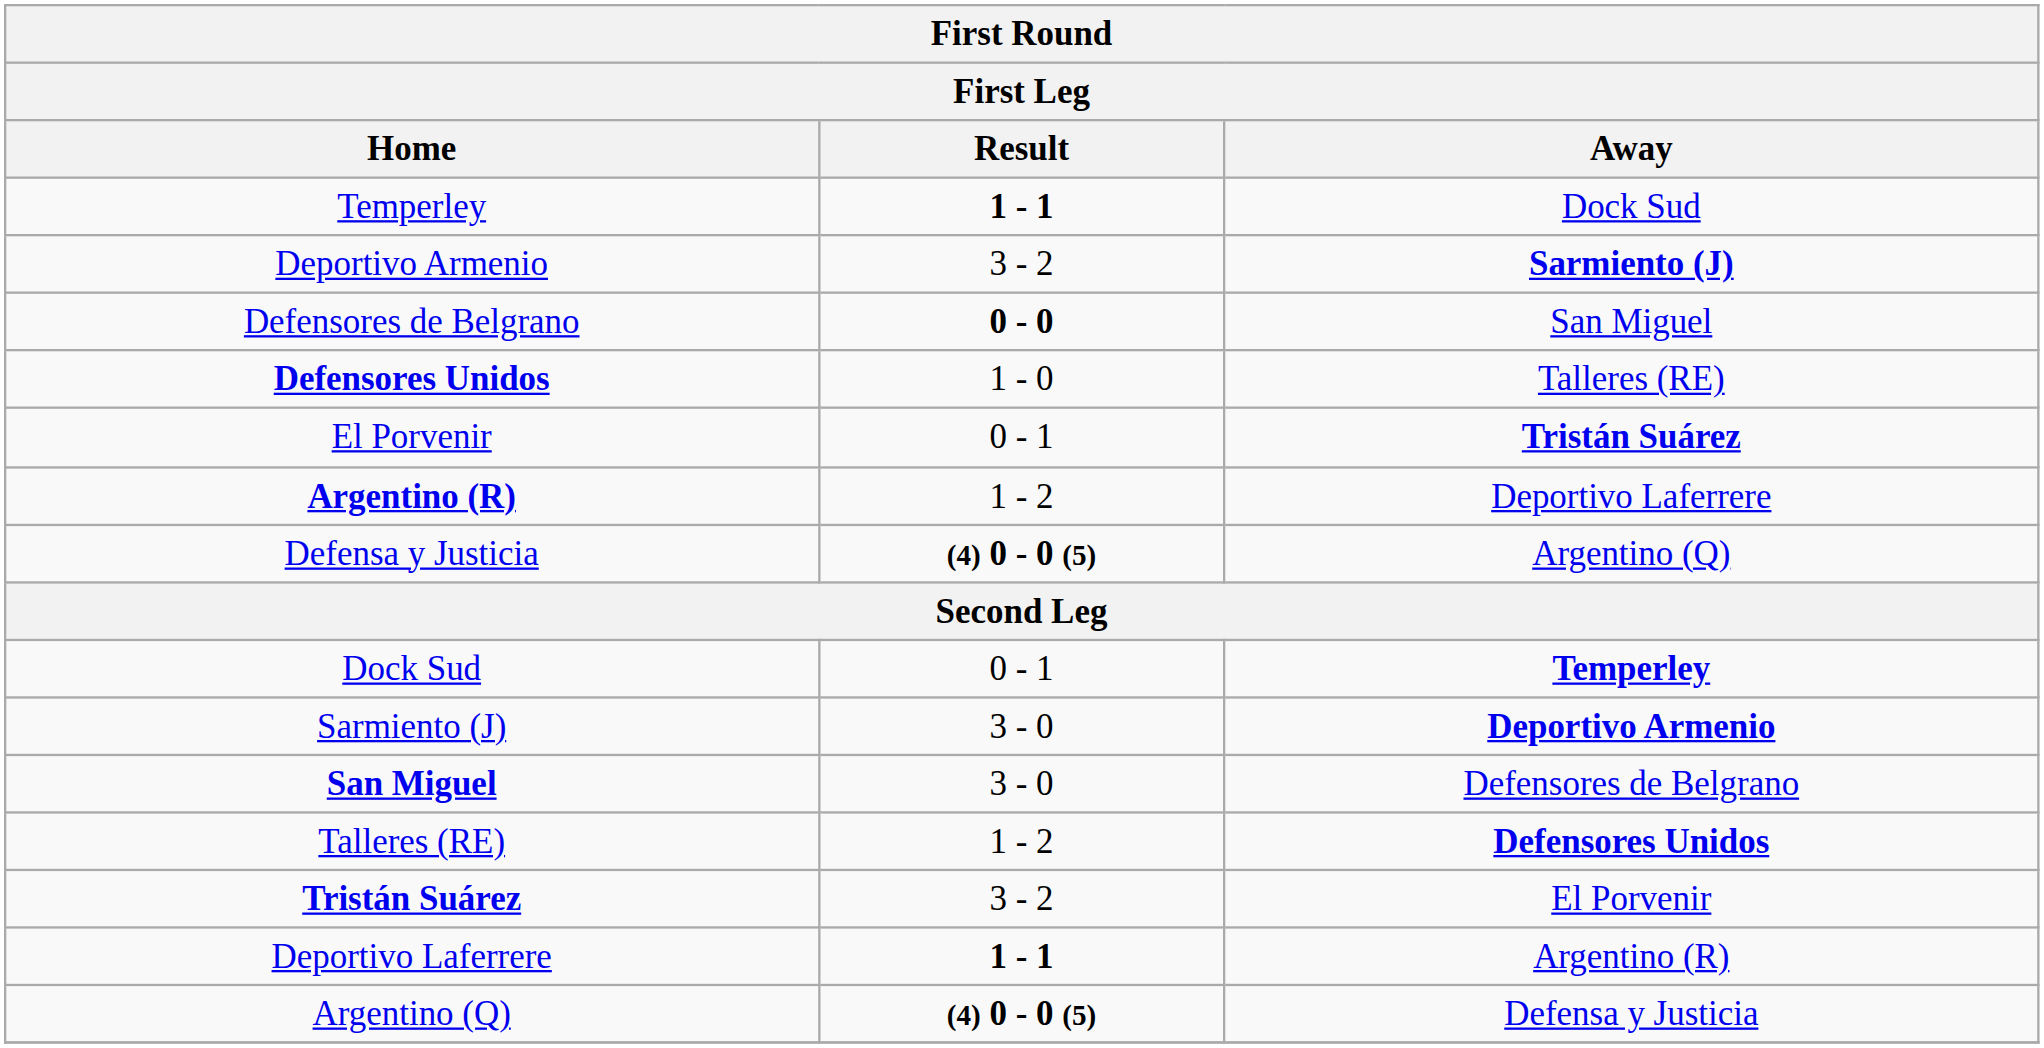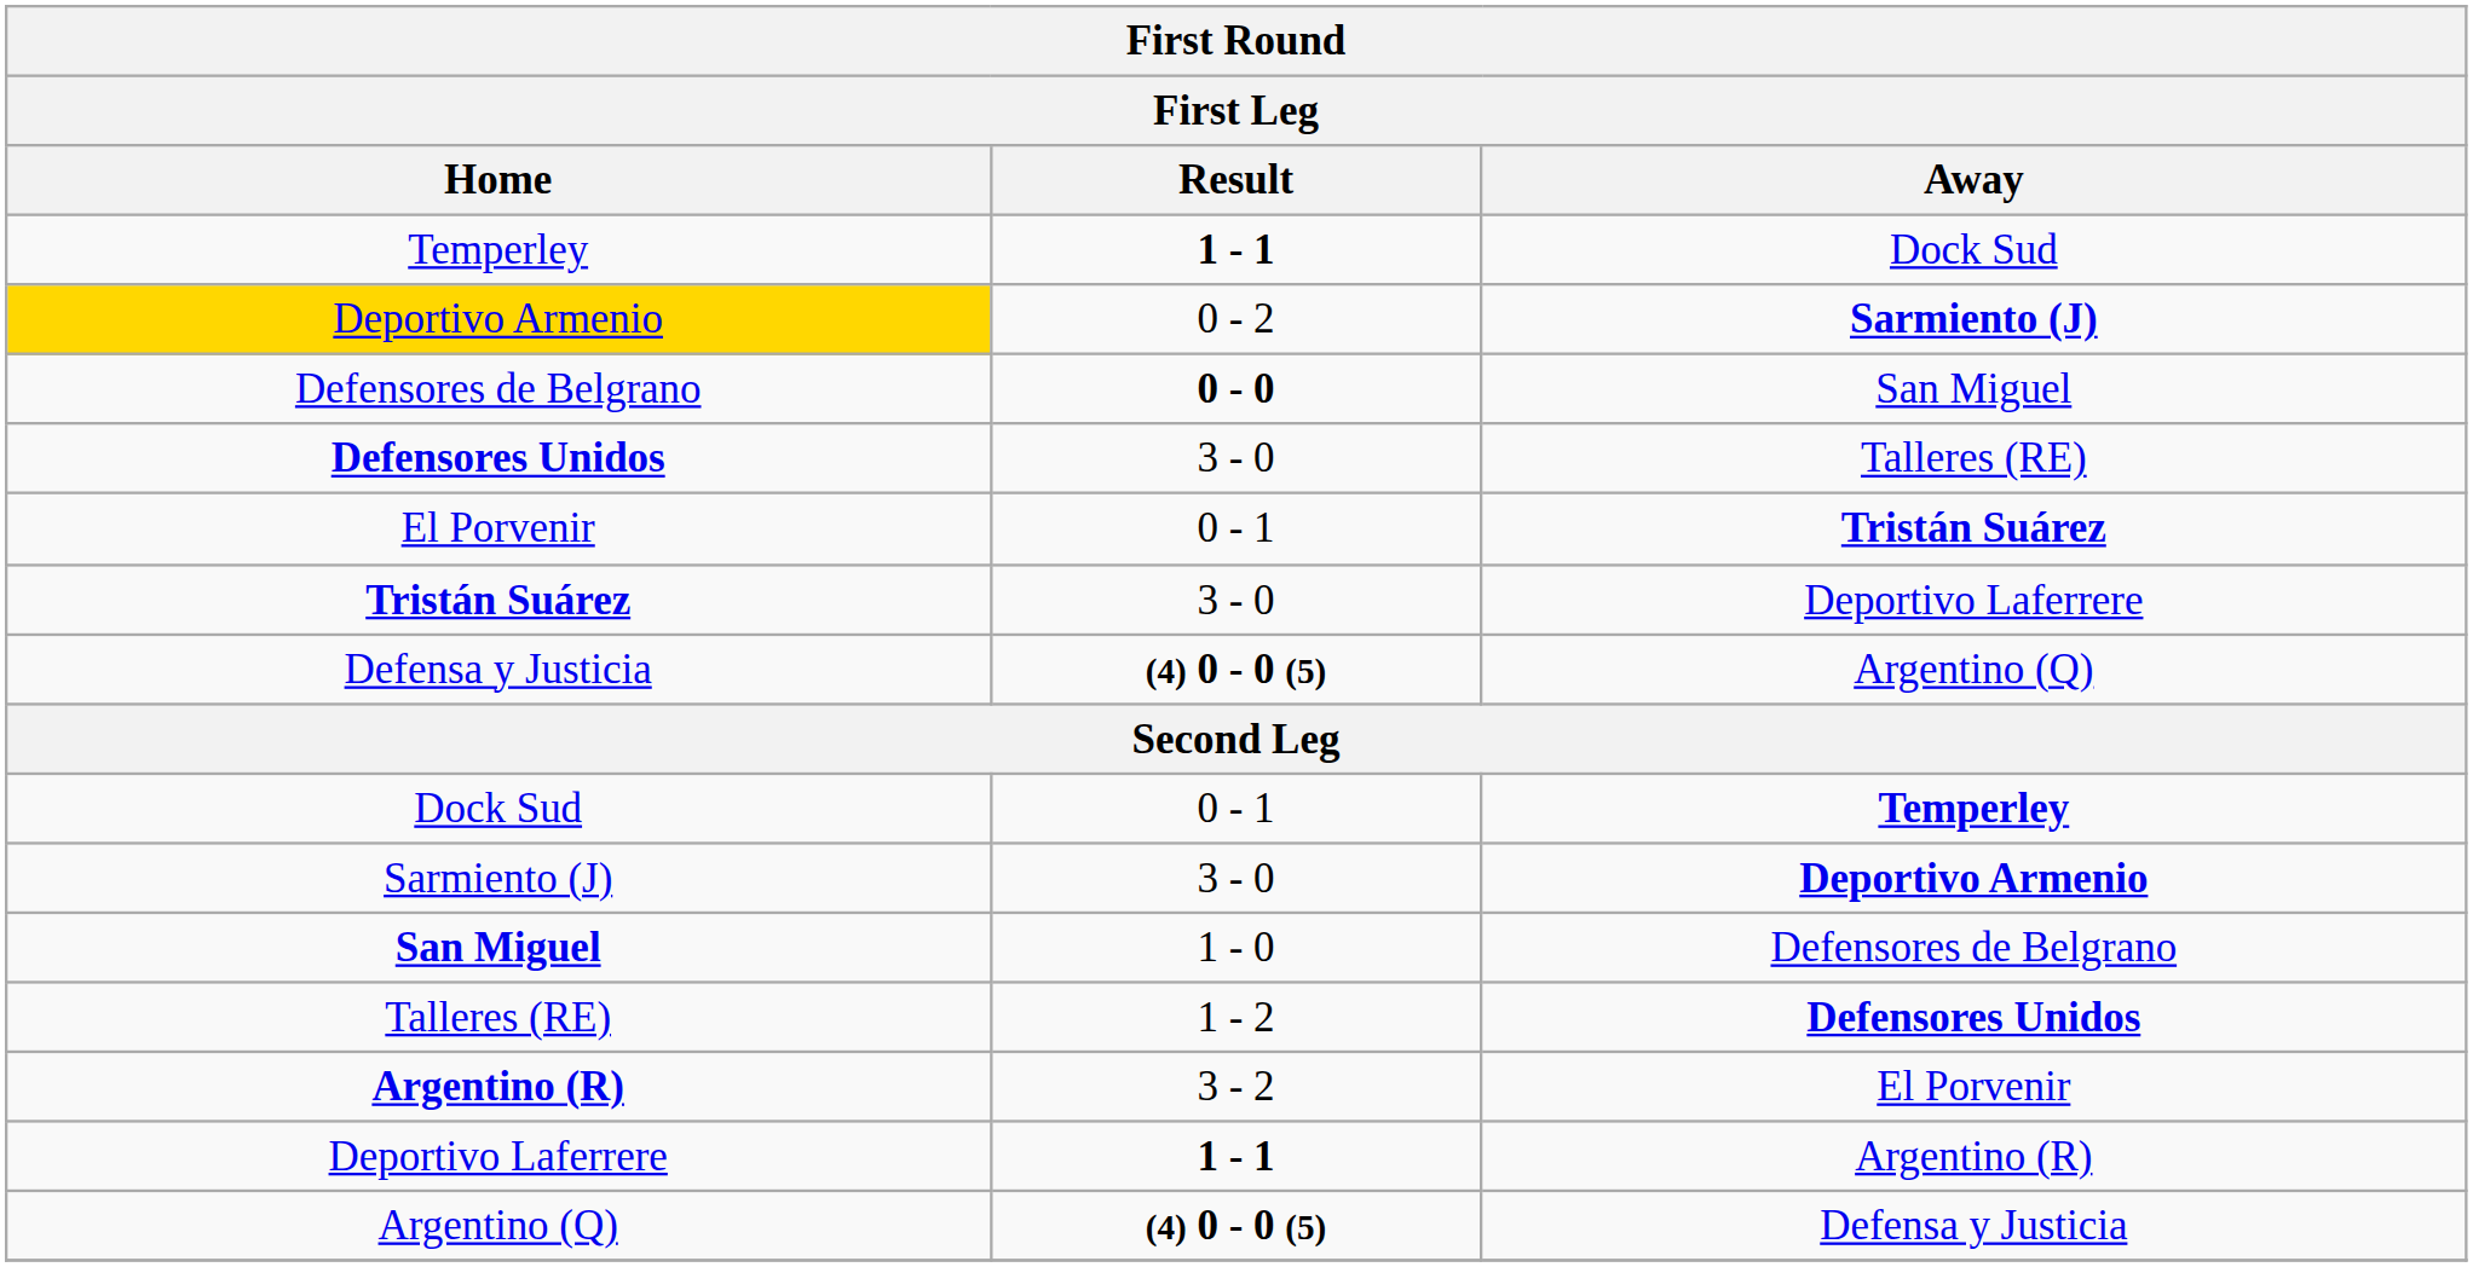 <table align=center class="wikitable collapsible collapsed" style="font-size:95%; text-align: center; width: 70%;">
 <tr>
 <th colspan=100% style="with: 100%;" align=center>First Round</th>
 </tr>
 <tr>
 <th colspan=100% style="with: 75%;" align=center>First Leg</th>
 </tr>
 <tr>
 <th width=30%>Home</th>
 <th width=15%>Result</th>
 <th width=30%>Away</th>
 </tr>
 <tr align=center>
 <td><a href='#'>Temperley</a></td>
 <td><strong>1 - 1</strong></td>
 <td><a href='#'>Dock Sud</a></td>
 </tr>
 <tr align=center>
-<td><a href='#'>Deportivo Armenio</a></td>
-<td>3 - 2</td>
+<td style="background: gold;"><a href='#'>Deportivo Armenio</a></td>
+<td>0 - 2</td>
 <td><strong><a href='#'>Sarmiento (J)</a></strong></td>
 </tr>
 <tr align=center>
 <td><a href='#'>Defensores de Belgrano</a></td>
 <td><strong>0 - 0</strong></td>
 <td><a href='#'>San Miguel</a></td>
 </tr>
 <tr align=center>
 <td><strong><a href='#'>Defensores Unidos</a> </strong></td>
-<td>1 - 0</td>
+<td>3 - 0</td>
 <td><a href='#'>Talleres (RE)</a></td>
 </tr>
 <tr align=center>
 <td><a href='#'>El Porvenir</a></td>
 <td>0 - 1</td>
 <td><strong><a href='#'>Tristán Suárez</a></strong></td>
 </tr>
 <tr align=center>
-<td><strong><a href='#'>Argentino (R)</a></strong></td>
-<td>1 - 2</td>
+<td><strong><a href='#'>Tristán Suárez</a></strong></td>
+<td>3 - 0</td>
 <td><a href='#'>Deportivo Laferrere</a></td>
 </tr>
 <tr align=center>
 <td><a href='#'>Defensa y Justicia</a></td>
 <td><strong><small>(4)</small> 0 - 0 <small>(5)</small></strong></td>
 <td><a href='#'>Argentino (Q)</a></td>
 </tr>
 <tr>
 <th colspan=100% style="with: 75%;" align=center>Second Leg</th>
 </tr>
 <tr align=center>
 <td><a href='#'>Dock Sud</a></td>
 <td>0 - 1</td>
 <td><strong><a href='#'>Temperley</a></strong></td>
 </tr>
 <tr align=center>
 <td><a href='#'>Sarmiento (J)</a></td>
 <td>3 - 0</td>
 <td><strong><a href='#'>Deportivo Armenio</a></strong></td>
 </tr>
 <tr align=center>
 <td><strong><a href='#'>San Miguel</a></strong></td>
-<td>3 - 0</td>
+<td>1 - 0</td>
 <td><a href='#'>Defensores de Belgrano</a></td>
 </tr>
 <tr align=center>
 <td><a href='#'>Talleres (RE)</a></td>
 <td>1 - 2</td>
 <td><strong><a href='#'>Defensores Unidos</a></strong></td>
 </tr>
 <tr align=center>
-<td><strong><a href='#'>Tristán Suárez</a></strong></td>
+<td><strong><a href='#'>Argentino (R)</a></strong></td>
 <td>3 - 2</td>
 <td><a href='#'>El Porvenir</a></td>
 </tr>
 <tr align=center>
 <td><a href='#'>Deportivo Laferrere</a></td>
 <td><strong>1 - 1</strong></td>
 <td><a href='#'>Argentino (R)</a></td>
 </tr>
 <tr align=center>
 <td><a href='#'>Argentino (Q)</a></td>
 <td><strong><small>(4)</small> 0 - 0 <small>(5)</small></strong></td>
 <td><a href='#'>Defensa y Justicia</a></td>
 </tr>
 <tr>
 </tr>
 </table>
